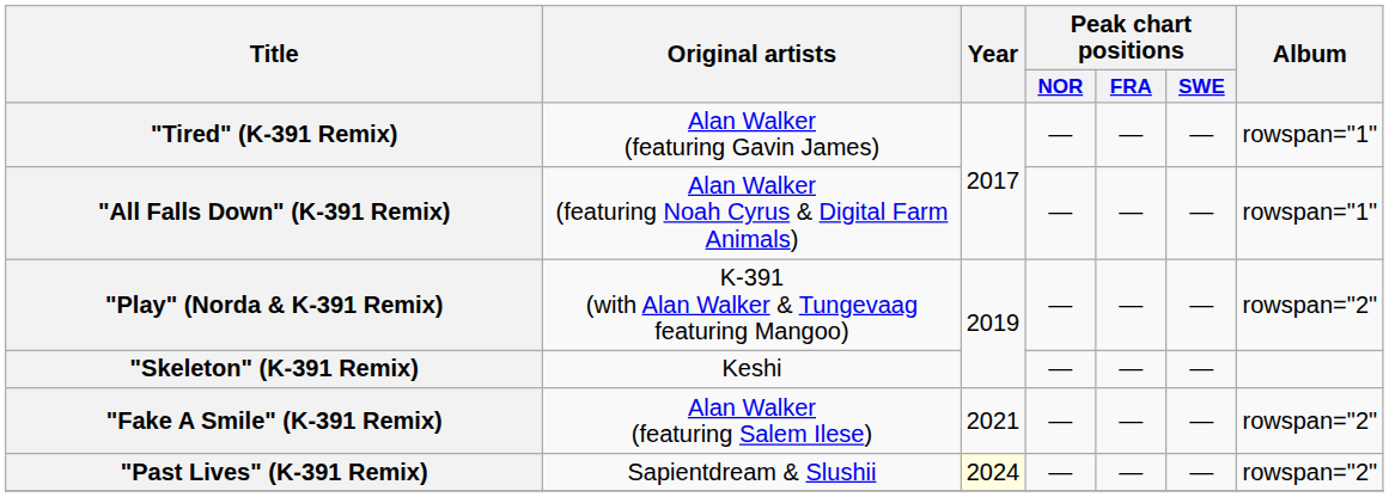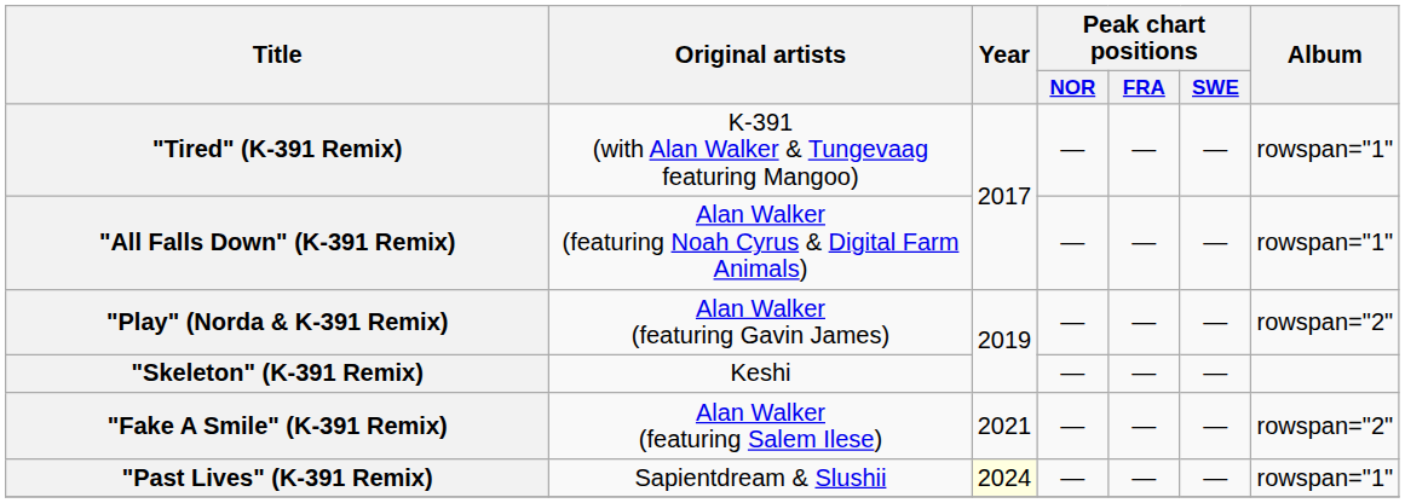 <table class="wikitable plainrowheaders" style="text-align:center;">
 <tr>
 <th rowspan="2" scope="col" style="width:22em;">Title</th>
 <th rowspan="2" scope="col" style="width:17em;">Original artists</th>
 <th rowspan="2" scope="col" style="width:1em;">Year</th>
 <th colspan="3" scope="col">Peak chart positions</th>
 <th rowspan="2" scope="col">Album</th>
 </tr>
 <tr>
 <th scope="col" style="width:3em;font-size:85%;"><a href='#'>NOR</a><br></th>
 <th scope="col" style="width:3em;font-size:85%;"><a href='#'>FRA</a><br></th>
 <th scope="col" style="width:3em;font-size:85%;"><a href='#'>SWE</a><br></th>
 </tr>
 <tr>
 <th scope="row">"Tired" (K-391 Remix)</th>
-<td><a href='#'>Alan Walker</a><br><span>(featuring Gavin James)</span></td>
+<td>K-391<br><span>(with <a href='#'>Alan Walker</a> & <a href='#'>Tungevaag</a> featuring Mangoo)</span></td>
 <td rowspan="2">2017</td>
 <td>—</td>
 <td>—</td>
 <td>—</td>
 <td>rowspan="1" </td>
 </tr>
 <tr>
 <th scope="row">"All Falls Down" (K-391 Remix)</th>
 <td><a href='#'>Alan Walker</a><br><span>(featuring <a href='#'>Noah Cyrus</a> & <a href='#'>Digital Farm Animals</a>)</span></td>
 <td>—</td>
 <td>—</td>
 <td>—</td>
 <td>rowspan="1" </td>
 </tr>
 <tr>
 <th scope="row">"Play" (Norda & K-391 Remix)</th>
-<td>K-391<br><span>(with <a href='#'>Alan Walker</a> & <a href='#'>Tungevaag</a> featuring Mangoo)</span></td>
+<td><a href='#'>Alan Walker</a><br><span>(featuring Gavin James)</span></td>
 <td rowspan="2">2019</td>
 <td>—</td>
 <td>—</td>
 <td>—</td>
 <td>rowspan="2" </td>
 </tr>
 <tr>
 <th scope="row">"Skeleton" (K-391 Remix)</th>
 <td>Keshi</td>
 <td>—</td>
 <td>—</td>
 <td>—</td>
 </tr>
 <tr>
 <th scope="row">"Fake A Smile" (K-391 Remix)</th>
 <td><a href='#'>Alan Walker</a><br><span>(featuring <a href='#'>Salem Ilese</a>)</span></td>
 <td rowspan="1">2021</td>
 <td>—</td>
 <td>—</td>
 <td>—</td>
 <td>rowspan="2" </td>
 </tr>
 <tr>
 <th scope="row">"Past Lives" (K-391 Remix)</th>
 <td>Sapientdream & <a href='#'>Slushii</a></td>
 <td rowspan="1" style="background: lightyellow;">2024</td>
 <td>—</td>
 <td>—</td>
 <td>—</td>
-<td>rowspan="2" </td>
+<td>rowspan="1" </td>
 </tr>
 <tr>
 </tr>
 </table>
